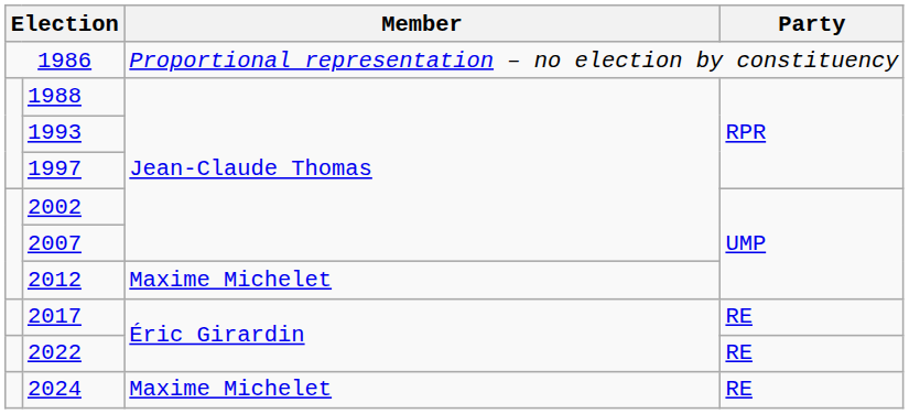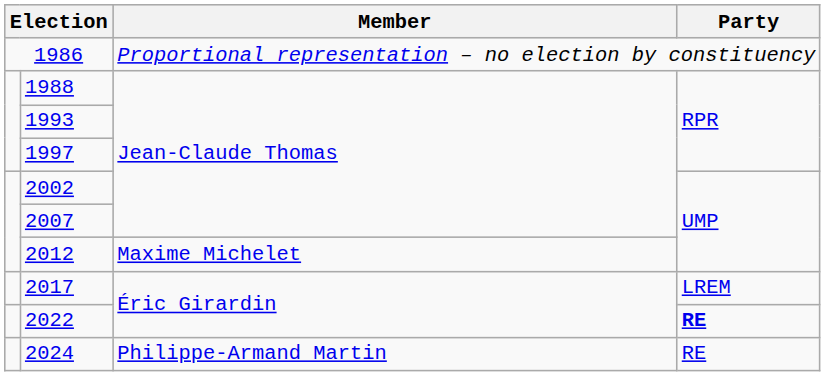 <table class="wikitable">
 <tr>
 <th colspan="2">Election</th>
 <th>Member</th>
 <th>Party</th>
 </tr>
 <tr>
 <td colspan="2" align="center"><a href='#'>1986</a></td>
 <td colspan="2"><em><a href='#'>Proportional representation</a> – no election by constituency</em></td>
 </tr>
 <tr>
 <td rowspan="3" style="color:inherit;background-color: "></td>
 <td><a href='#'>1988</a></td>
 <td rowspan="5"><a href='#'>Jean-Claude Thomas</a></td>
 <td rowspan="3"><a href='#'>RPR</a></td>
 </tr>
 <tr>
 <td><a href='#'>1993</a></td>
 </tr>
 <tr>
 <td><a href='#'>1997</a></td>
 </tr>
 <tr>
 <td rowspan="3" style="color:inherit;background-color: "></td>
 <td><a href='#'>2002</a></td>
 <td rowspan="3"><a href='#'>UMP</a></td>
 </tr>
 <tr>
 <td><a href='#'>2007</a></td>
 </tr>
 <tr>
 <td><a href='#'>2012</a></td>
 <td><a href='#'>Maxime Michelet</a></td>
 </tr>
 <tr>
 <td style="color:inherit;background-color: "></td>
 <td><a href='#'>2017</a></td>
 <td rowspan="2"><a href='#'>Éric Girardin</a></td>
-<td><a href='#'>RE</a></td>
+<td><a href='#'>LREM</a></td>
 </tr>
 <tr>
 <td style="color:inherit;background-color: "></td>
 <td><a href='#'>2022</a></td>
-<td><a href='#'>RE</a></td>
+<td><strong><a href='#'>RE</a></strong></td>
 </tr>
 <tr>
 <td style="color:inherit;background-color: "></td>
 <td><a href='#'>2024</a></td>
-<td><a href='#'>Maxime Michelet</a></td>
+<td><a href='#'>Philippe-Armand Martin</a></td>
 <td><a href='#'>RE</a></td>
 </tr>
 </table>
